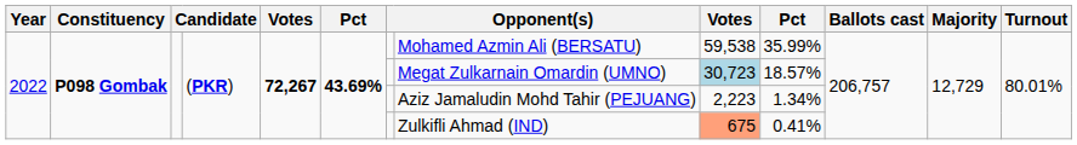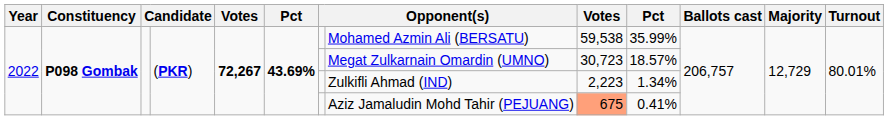 <table class="wikitable" style="margin:0.5em ; font-size:95%">
 <tr>
 <th>Year</th>
 <th>Constituency</th>
 <th colspan=2>Candidate</th>
 <th>Votes</th>
 <th>Pct</th>
 <th colspan=2>Opponent(s)</th>
 <th>Votes</th>
 <th>Pct</th>
 <th>Ballots cast</th>
 <th>Majority</th>
 <th>Turnout</th>
 </tr>
 <tr>
 <td rowspan="4"><a href='#'>2022</a></td>
 <td rowspan="4"><strong>P098 <a href='#'>Gombak</a></strong></td>
 <td rowspan="4" ></td>
 <td rowspan="4"> (<a href='#'><strong>PKR</strong></a>)</td>
 <td rowspan="4" align="right"><strong>72,267</strong></td>
 <td rowspan="4"><strong>43.69%</strong></td>
 <td bgcolor=></td>
 <td><a href='#'>Mohamed Azmin Ali</a> (<a href='#'>BERSATU</a>)</td>
 <td align="right">59,538</td>
 <td>35.99%</td>
 <td rowspan=4>206,757</td>
 <td rowspan=4>12,729</td>
 <td rowspan=4>80.01%</td>
 </tr>
 <tr>
 <td></td>
 <td><a href='#'>Megat Zulkarnain Omardin</a> (<a href='#'>UMNO</a>)</td>
-<td align="right" style="background: lightblue;">30,723</td>
+<td align="right">30,723</td>
 <td>18.57%</td>
 </tr>
 <tr>
 <td bgcolor=></td>
-<td>Aziz Jamaludin Mohd Tahir  (<a href='#'>PEJUANG</a>)</td>
+<td>Zulkifli Ahmad (<a href='#'>IND</a>)</td>
 <td align="right">2,223</td>
 <td align=right>1.34%</td>
 </tr>
 <tr>
 <td></td>
-<td>Zulkifli Ahmad (<a href='#'>IND</a>)</td>
+<td>Aziz Jamaludin Mohd Tahir  (<a href='#'>PEJUANG</a>)</td>
 <td align="right" style="background: lightsalmon;">675</td>
 <td align=right>0.41%</td>
 </tr>
 </table>
